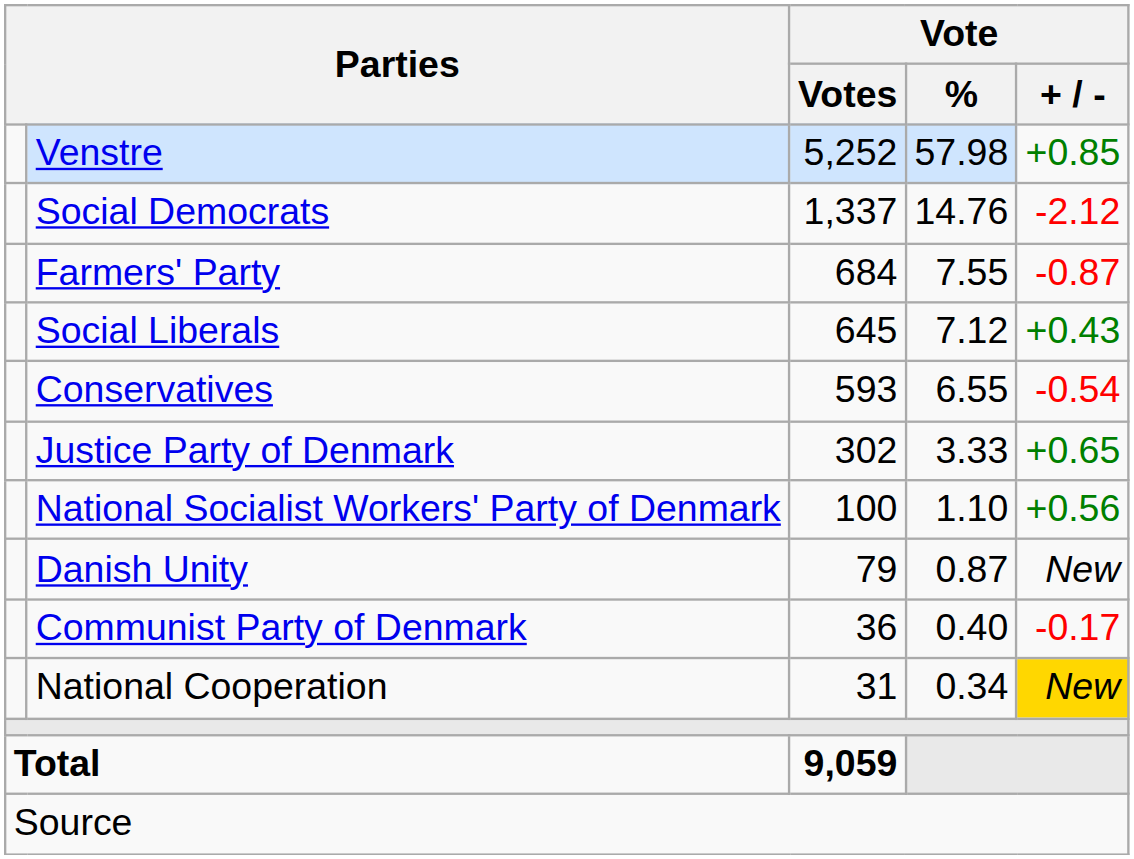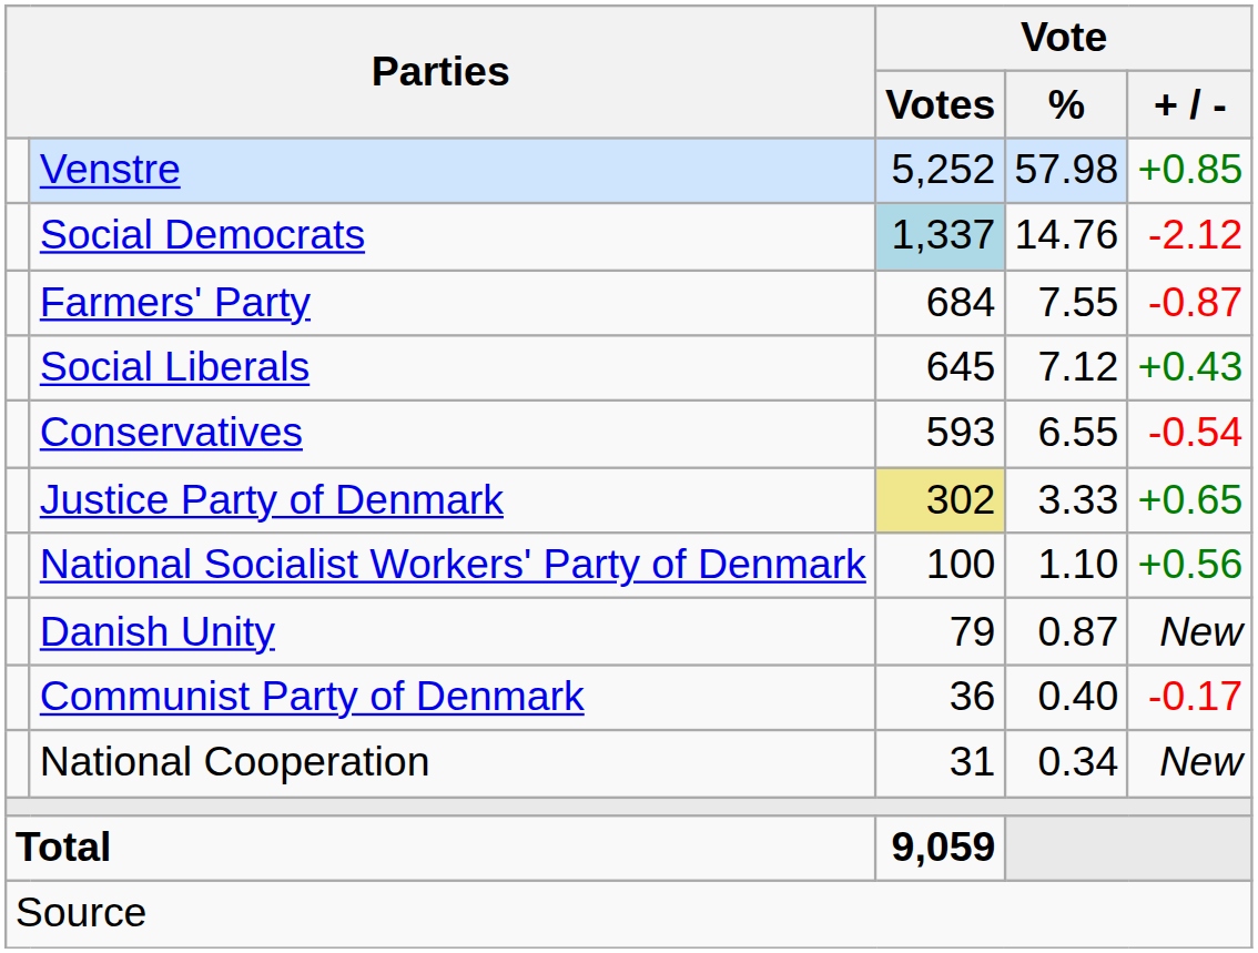 <table class="wikitable" style="text-align:right;">
 <tr>
 <th style="text-align:centre;" rowspan="2" colspan="2" width="225">Parties</th>
 <th colspan="3">Vote</th>
 </tr>
 <tr>
 <th width="15">Votes</th>
 <th width="15">%</th>
 <th width="15">+ / -</th>
 </tr>
 <tr>
 <td width="2" style="color:inherit;background:"></td>
 <td bgcolor=#cfe5fe  align="left"><a href='#'>Venstre</a></td>
 <td bgcolor=#cfe5fe>5,252</td>
 <td bgcolor=#cfe5fe>57.98</td>
 <td style=color:green;>+0.85</td>
 </tr>
 <tr>
 <td width="2" style="color:inherit;background:"></td>
 <td align="left"><a href='#'>Social Democrats</a></td>
-<td>1,337</td>
+<td style="background: lightblue;">1,337</td>
 <td>14.76</td>
 <td style=color:red;>-2.12</td>
 </tr>
 <tr>
 <td width="2" style="color:inherit;background:"></td>
 <td align="left"><a href='#'>Farmers' Party</a></td>
 <td>684</td>
 <td>7.55</td>
 <td style=color:red;>-0.87</td>
 </tr>
 <tr>
 <td width="2" style="color:inherit;background:"></td>
 <td align="left"><a href='#'>Social Liberals</a></td>
 <td>645</td>
 <td>7.12</td>
 <td style=color:green;>+0.43</td>
 </tr>
 <tr>
 <td width="2" style="color:inherit;background:"></td>
 <td align="left"><a href='#'>Conservatives</a></td>
 <td>593</td>
 <td>6.55</td>
 <td style=color:red;>-0.54</td>
 </tr>
 <tr>
 <td width="2" style="color:inherit;background:"></td>
 <td align="left"><a href='#'>Justice Party of Denmark</a></td>
-<td>302</td>
+<td style="background: khaki;">302</td>
 <td>3.33</td>
 <td style=color:green;>+0.65</td>
 </tr>
 <tr>
 <td width="2" style="color:inherit;background:"></td>
 <td align="left"><a href='#'>National Socialist Workers' Party of Denmark</a></td>
 <td>100</td>
 <td>1.10</td>
 <td style=color:green;>+0.56</td>
 </tr>
 <tr>
 <td width="2" style="color:inherit;background:"></td>
 <td align="left"><a href='#'>Danish Unity</a></td>
 <td>79</td>
 <td>0.87</td>
 <td><em>New</em></td>
 </tr>
 <tr>
 <td width="2" style="color:inherit;background:"></td>
 <td align="left"><a href='#'>Communist Party of Denmark</a></td>
 <td>36</td>
 <td>0.40</td>
 <td style=color:red;>-0.17</td>
 </tr>
 <tr>
 <td width="2" style="color:inherit;background:"></td>
 <td align="left">National Cooperation</td>
 <td>31</td>
 <td>0.34</td>
-<td style="background: gold;"><em>New</em></td>
+<td><em>New</em></td>
 </tr>
 <tr>
 <td colspan="7" bgcolor="#E9E9E9"></td>
 </tr>
 <tr>
 <td align="left" colspan="2"><strong>Total</strong></td>
 <td><strong>9,059</strong></td>
 <td bgcolor="#E9E9E9" colspan="2"></td>
 </tr>
 <tr>
 <td align="left" colspan="6">Source</td>
 </tr>
 </table>
